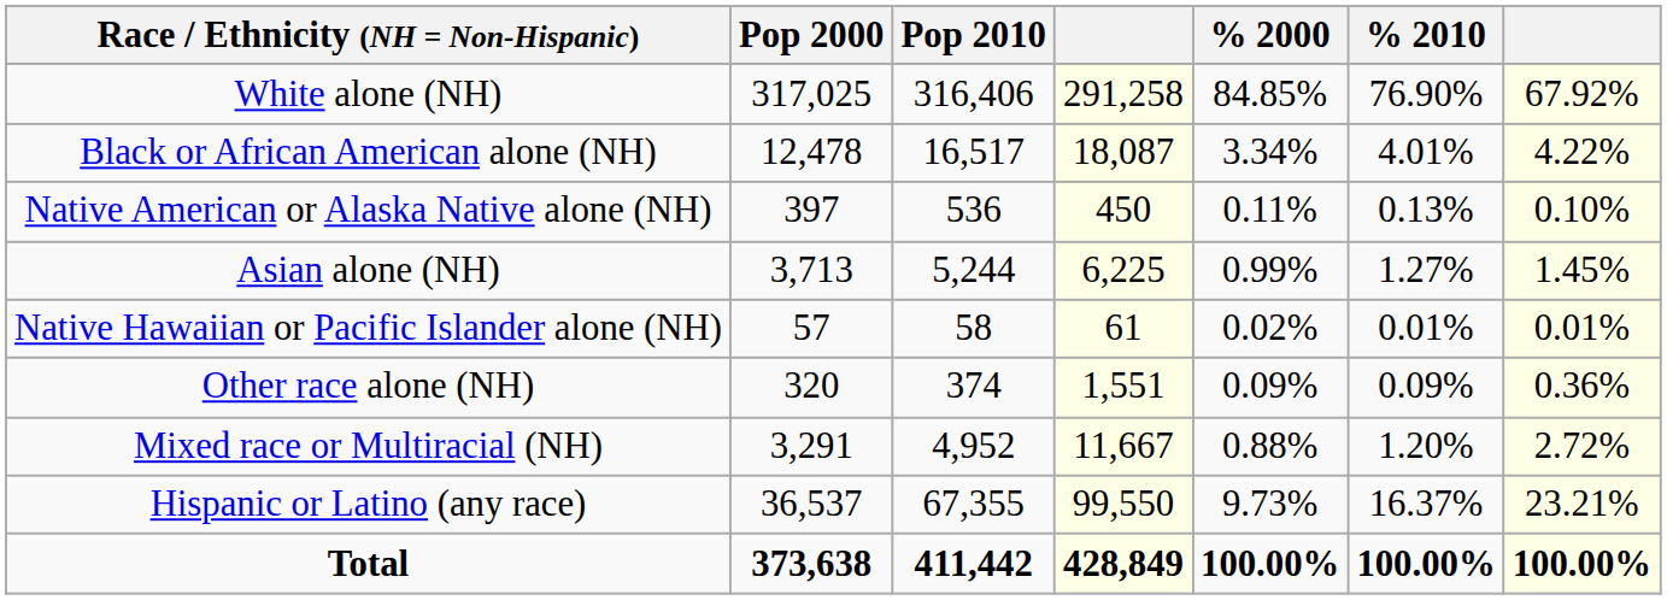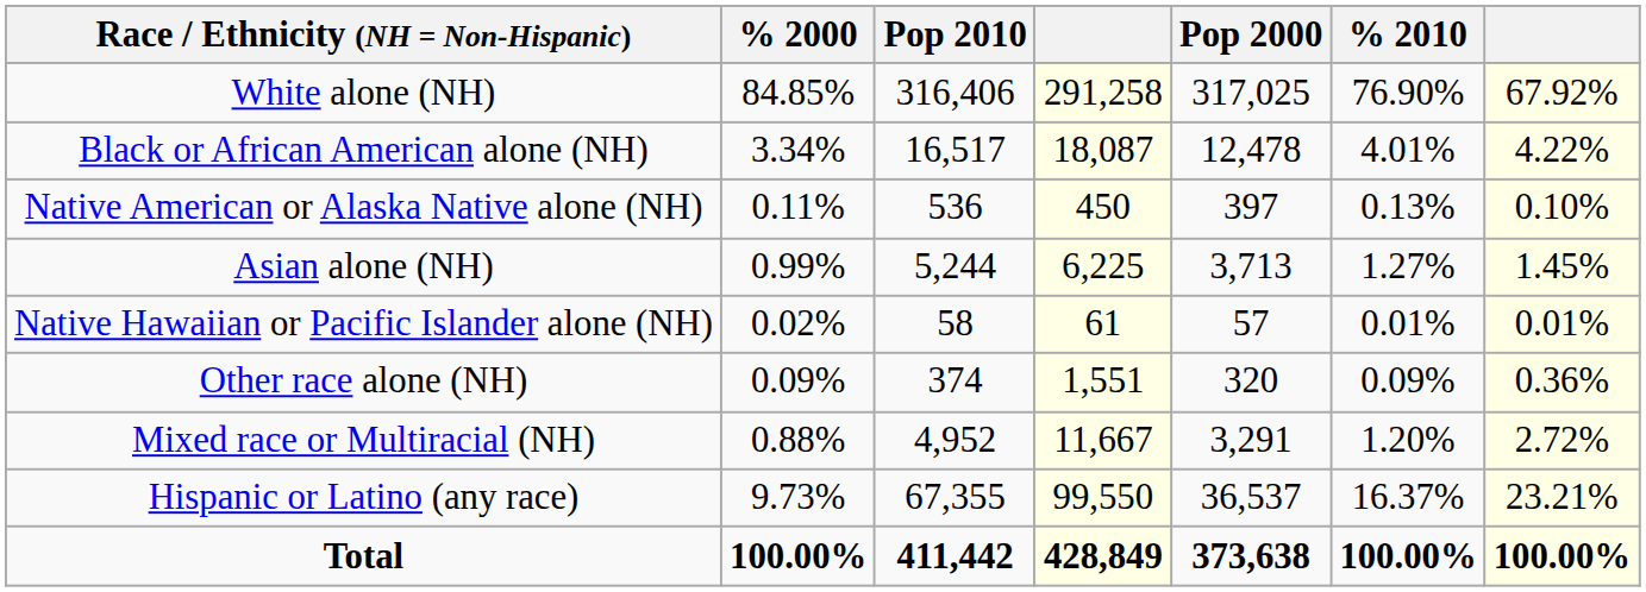 <table class="wikitable" style="text-align:center;">
 <tr>
 <th>Race / Ethnicity <small>(<em>NH = Non-Hispanic</em>)</small></th>
-<th>Pop 2000</th>
+<th>% 2000</th>
 <th>Pop 2010</th>
 <th></th>
-<th>% 2000</th>
+<th>Pop 2000</th>
 <th>% 2010</th>
 <th></th>
 </tr>
 <tr>
 <td><a href='#'>White</a> alone (NH)</td>
-<td>317,025</td>
+<td>84.85%</td>
 <td>316,406</td>
 <td style='background: #ffffe6;'>291,258</td>
-<td>84.85%</td>
+<td>317,025</td>
 <td>76.90%</td>
 <td style='background: #ffffe6;'>67.92%</td>
 </tr>
 <tr>
 <td><a href='#'>Black or African American</a> alone (NH)</td>
-<td>12,478</td>
+<td>3.34%</td>
 <td>16,517</td>
 <td style='background: #ffffe6;'>18,087</td>
-<td>3.34%</td>
+<td>12,478</td>
 <td>4.01%</td>
 <td style='background: #ffffe6;'>4.22%</td>
 </tr>
 <tr>
 <td><a href='#'>Native American</a> or <a href='#'>Alaska Native</a> alone (NH)</td>
-<td>397</td>
+<td>0.11%</td>
 <td>536</td>
 <td style='background: #ffffe6;'>450</td>
-<td>0.11%</td>
+<td>397</td>
 <td>0.13%</td>
 <td style='background: #ffffe6;'>0.10%</td>
 </tr>
 <tr>
 <td><a href='#'>Asian</a> alone (NH)</td>
-<td>3,713</td>
+<td>0.99%</td>
 <td>5,244</td>
 <td style='background: #ffffe6;'>6,225</td>
-<td>0.99%</td>
+<td>3,713</td>
 <td>1.27%</td>
 <td style='background: #ffffe6;'>1.45%</td>
 </tr>
 <tr>
 <td><a href='#'>Native Hawaiian</a> or <a href='#'>Pacific Islander</a> alone (NH)</td>
-<td>57</td>
+<td>0.02%</td>
 <td>58</td>
 <td style='background: #ffffe6;'>61</td>
-<td>0.02%</td>
+<td>57</td>
 <td>0.01%</td>
 <td style='background: #ffffe6;'>0.01%</td>
 </tr>
 <tr>
 <td><a href='#'>Other race</a> alone (NH)</td>
-<td>320</td>
+<td>0.09%</td>
 <td>374</td>
 <td style='background: #ffffe6;'>1,551</td>
-<td>0.09%</td>
+<td>320</td>
 <td>0.09%</td>
 <td style='background: #ffffe6;'>0.36%</td>
 </tr>
 <tr>
 <td><a href='#'>Mixed race or Multiracial</a> (NH)</td>
-<td>3,291</td>
+<td>0.88%</td>
 <td>4,952</td>
 <td style='background: #ffffe6;'>11,667</td>
-<td>0.88%</td>
+<td>3,291</td>
 <td>1.20%</td>
 <td style='background: #ffffe6;'>2.72%</td>
 </tr>
 <tr>
 <td><a href='#'>Hispanic or Latino</a> (any race)</td>
-<td>36,537</td>
+<td>9.73%</td>
 <td>67,355</td>
 <td style='background: #ffffe6;'>99,550</td>
-<td>9.73%</td>
+<td>36,537</td>
 <td>16.37%</td>
 <td style='background: #ffffe6;'>23.21%</td>
 </tr>
 <tr>
 <td><strong>Total</strong></td>
-<td><strong>373,638 </strong></td>
+<td><strong>100.00%</strong></td>
 <td><strong>411,442</strong></td>
 <td style='background: #ffffe6;'><strong>428,849</strong></td>
-<td><strong>100.00%</strong></td>
+<td><strong>373,638 </strong></td>
 <td><strong>100.00%</strong></td>
 <td style='background: #ffffe6;'><strong>100.00%</strong></td>
 </tr>
 </table>
